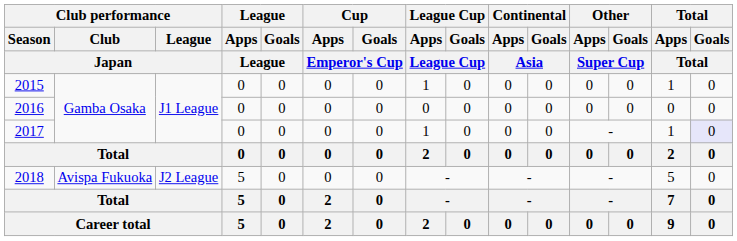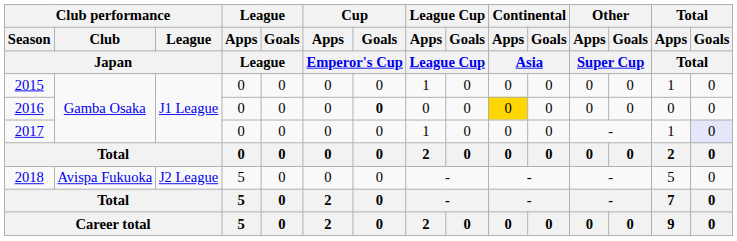 <table class="wikitable" style="text-align:center">
 <tr>
 <th colspan=3>Club performance</th>
 <th colspan=2>League</th>
 <th colspan=2>Cup</th>
 <th colspan=2>League Cup</th>
 <th colspan=2>Continental</th>
 <th colspan=2>Other</th>
 <th colspan=2>Total</th>
 </tr>
 <tr>
 <th>Season</th>
 <th>Club</th>
 <th>League</th>
 <th>Apps</th>
 <th>Goals</th>
 <th>Apps</th>
 <th>Goals</th>
 <th>Apps</th>
 <th>Goals</th>
 <th>Apps</th>
 <th>Goals</th>
 <th>Apps</th>
 <th>Goals</th>
 <th>Apps</th>
 <th>Goals</th>
 </tr>
 <tr>
 <th colspan=3>Japan</th>
 <th colspan=2>League</th>
 <th colspan=2><a href='#'>Emperor's Cup</a></th>
 <th colspan=2><a href='#'>League Cup</a></th>
 <th colspan=2><a href='#'>Asia</a></th>
 <th colspan=2><a href='#'>Super Cup</a></th>
 <th colspan=2>Total</th>
 </tr>
 <tr>
 <td><a href='#'>2015</a></td>
 <td rowspan="3"><a href='#'>Gamba Osaka</a></td>
 <td rowspan="3"><a href='#'>J1 League</a></td>
 <td>0</td>
 <td>0</td>
 <td>0</td>
 <td>0</td>
 <td>1</td>
 <td>0</td>
 <td>0</td>
 <td>0</td>
 <td>0</td>
 <td>0</td>
 <td>1</td>
 <td>0</td>
 </tr>
 <tr>
 <td><a href='#'>2016</a></td>
 <td>0</td>
 <td>0</td>
 <td>0</td>
+<td><strong>0</strong></td>
 <td>0</td>
 <td>0</td>
-<td>0</td>
-<td>0</td>
+<td style="background: gold;">0</td>
 <td>0</td>
 <td>0</td>
 <td>0</td>
 <td>0</td>
 <td>0</td>
 </tr>
 <tr>
 <td><a href='#'>2017</a></td>
 <td>0</td>
 <td>0</td>
 <td>0</td>
 <td>0</td>
 <td>1</td>
 <td>0</td>
 <td>0</td>
 <td>0</td>
 <td colspan="2">-</td>
 <td>1</td>
 <td style="background: lavender;">0</td>
 </tr>
 <tr>
 <th colspan=3>Total</th>
 <th>0</th>
 <th>0</th>
 <th>0</th>
 <th>0</th>
 <th>2</th>
 <th>0</th>
 <th>0</th>
 <th>0</th>
 <th>0</th>
 <th>0</th>
 <th>2</th>
 <th>0</th>
 </tr>
 <tr>
 <td><a href='#'>2018</a></td>
 <td rowspan="1"><a href='#'>Avispa Fukuoka</a></td>
 <td rowspan="1"><a href='#'>J2 League</a></td>
 <td>5</td>
 <td>0</td>
 <td>0</td>
 <td>0</td>
 <td colspan="2">-</td>
 <td colspan="2">-</td>
 <td colspan="2">-</td>
 <td>5</td>
 <td>0</td>
 </tr>
 <tr>
 <th colspan=3>Total</th>
 <th>5</th>
 <th>0</th>
 <th>2</th>
 <th>0</th>
 <th colspan="2">-</th>
 <th colspan="2">-</th>
 <th colspan="2">-</th>
 <th>7</th>
 <th>0</th>
 </tr>
 <tr>
 <th colspan=3>Career total</th>
 <th>5</th>
 <th>0</th>
 <th>2</th>
 <th>0</th>
 <th>2</th>
 <th>0</th>
 <th>0</th>
 <th>0</th>
 <th>0</th>
 <th>0</th>
 <th>9</th>
 <th>0</th>
 </tr>
 </table>
